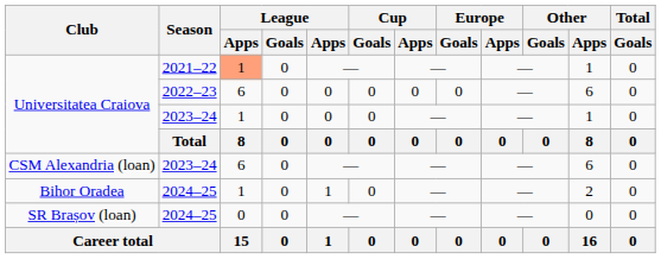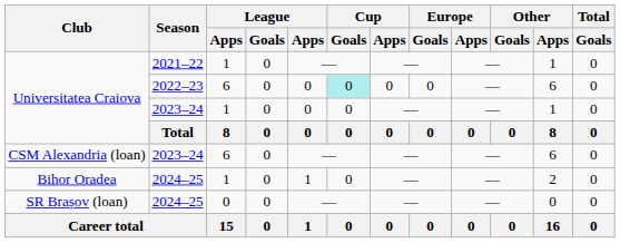 <table class="wikitable" style="text-align:center">
 <tr>
 <th rowspan="2">Club</th>
 <th rowspan="2">Season</th>
 <th colspan="3">League</th>
 <th colspan="2">Cup</th>
 <th colspan="2">Europe</th>
 <th colspan="2">Other</th>
 <th colspan="3">Total</th>
 </tr>
 <tr>
 <th>Apps</th>
 <th>Goals</th>
 <th>Apps</th>
 <th>Goals</th>
 <th>Apps</th>
 <th>Goals</th>
 <th>Apps</th>
 <th>Goals</th>
 <th>Apps</th>
 <th>Goals</th>
 </tr>
 <tr>
 <td rowspan="4"><a href='#'>Universitatea Craiova</a></td>
 <td><a href='#'>2021–22</a></td>
-<td style="background: lightsalmon;">1</td>
+<td>1</td>
 <td>0</td>
 <td colspan="2">—</td>
 <td colspan="2">—</td>
 <td colspan="2">—</td>
 <td>1</td>
 <td>0</td>
 </tr>
 <tr>
 <td><a href='#'>2022–23</a></td>
 <td>6</td>
 <td>0</td>
 <td>0</td>
-<td>0</td>
+<td style="background: paleturquoise;">0</td>
 <td>0</td>
 <td>0</td>
 <td colspan="2">—</td>
 <td>6</td>
 <td>0</td>
 </tr>
 <tr>
 <td><a href='#'>2023–24</a></td>
 <td>1</td>
 <td>0</td>
 <td>0</td>
 <td>0</td>
 <td colspan="2">—</td>
 <td colspan="2">—</td>
 <td>1</td>
 <td>0</td>
 </tr>
 <tr>
 <th colspan="1">Total</th>
 <th>8</th>
 <th>0</th>
 <th>0</th>
 <th>0</th>
 <th>0</th>
 <th>0</th>
 <th>0</th>
 <th>0</th>
 <th>8</th>
 <th>0</th>
 </tr>
 <tr>
 <td rowspan="1"><a href='#'>CSM Alexandria</a> (loan)</td>
 <td><a href='#'>2023–24</a></td>
 <td>6</td>
 <td>0</td>
 <td colspan="2">—</td>
 <td colspan="2">—</td>
 <td colspan="2">—</td>
 <td>6</td>
 <td>0</td>
 </tr>
 <tr>
 <td><a href='#'>Bihor Oradea</a></td>
 <td><a href='#'>2024–25</a></td>
 <td>1</td>
 <td>0</td>
 <td>1</td>
 <td>0</td>
 <td colspan="2">—</td>
 <td colspan="2">—</td>
 <td>2</td>
 <td>0</td>
 </tr>
 <tr>
 <td rowspan="1"><a href='#'>SR Brașov</a> (loan)</td>
 <td><a href='#'>2024–25</a></td>
 <td>0</td>
 <td>0</td>
 <td colspan="2">—</td>
 <td colspan="2">—</td>
 <td colspan="2">—</td>
 <td>0</td>
 <td>0</td>
 </tr>
 <tr>
 <th colspan="2">Career total</th>
 <th>15</th>
 <th>0</th>
 <th>1</th>
 <th>0</th>
 <th>0</th>
 <th>0</th>
 <th>0</th>
 <th>0</th>
 <th>16</th>
 <th>0</th>
 </tr>
 </table>
